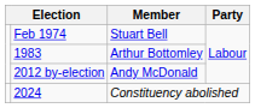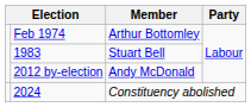 <table class="wikitable">
 <tr>
 <th colspan="2">Election</th>
 <th>Member</th>
 <th>Party</th>
 </tr>
 <tr>
 <td rowspan="3" style="color:inherit;background-color: "></td>
 <td><a href='#'>Feb 1974</a></td>
-<td><a href='#'>Stuart Bell</a></td>
+<td><a href='#'>Arthur Bottomley</a></td>
 <td rowspan="3"><a href='#'>Labour</a></td>
 </tr>
 <tr>
 <td><a href='#'>1983</a></td>
-<td><a href='#'>Arthur Bottomley</a></td>
+<td><a href='#'>Stuart Bell</a></td>
 </tr>
 <tr>
 <td><a href='#'>2012 by-election</a></td>
 <td><a href='#'>Andy McDonald</a></td>
 </tr>
 <tr>
 <td></td>
 <td><a href='#'>2024</a></td>
 <td colspan="2"><em>Constituency abolished</em></td>
 </tr>
 </table>
